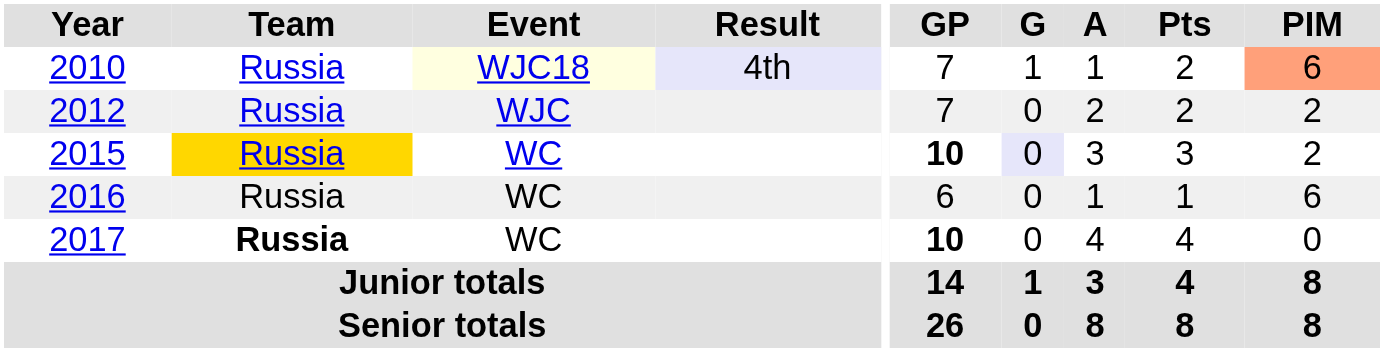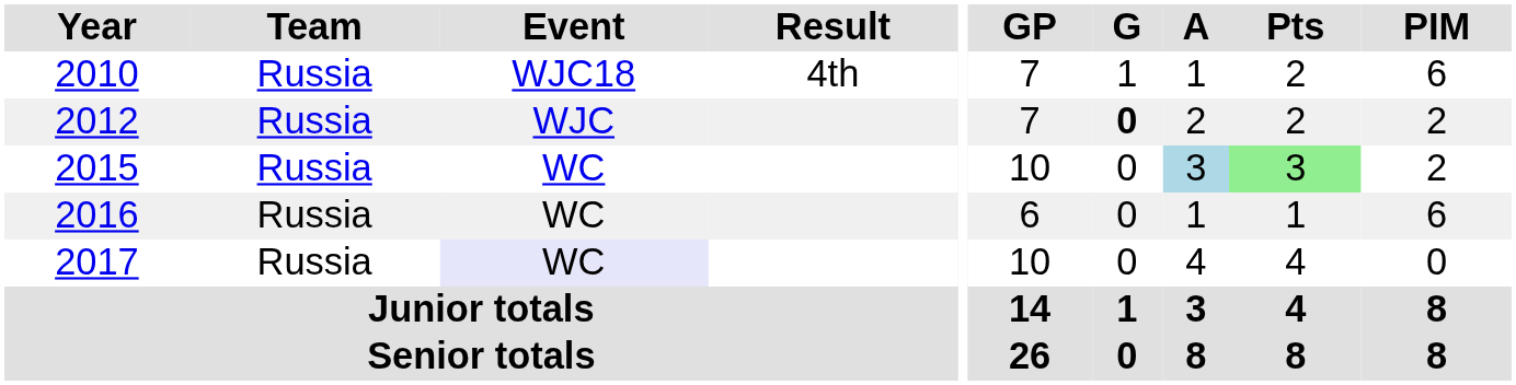 <table border="0" cellpadding="1" cellspacing="0" ID="Table3" style="text-align:center; width:40em">
 <tr ALIGN="center" bgcolor="#e0e0e0">
 <th>Year</th>
 <th>Team</th>
 <th>Event</th>
 <th>Result</th>
 <th rowspan="99" bgcolor="#ffffff"></th>
 <th>GP</th>
 <th>G</th>
 <th>A</th>
 <th>Pts</th>
 <th>PIM</th>
 </tr>
 <tr>
 <td><a href='#'>2010</a></td>
 <td><a href='#'>Russia</a></td>
-<td style="background: lightyellow;"><a href='#'>WJC18</a></td>
-<td style="background: lavender;">4th</td>
+<td><a href='#'>WJC18</a></td>
+<td>4th</td>
 <td>7</td>
 <td>1</td>
 <td>1</td>
 <td>2</td>
-<td style="background: lightsalmon;">6</td>
+<td>6</td>
 </tr>
 <tr bgcolor="#f0f0f0">
 <td><a href='#'>2012</a></td>
 <td><a href='#'>Russia</a></td>
 <td><a href='#'>WJC</a></td>
 <td></td>
 <td>7</td>
-<td>0</td>
+<td><strong>0</strong></td>
 <td>2</td>
 <td>2</td>
 <td>2</td>
 </tr>
 <tr>
 <td><a href='#'>2015</a></td>
-<td style="background: gold;"><a href='#'>Russia</a></td>
+<td><a href='#'>Russia</a></td>
 <td><a href='#'>WC</a></td>
 <td></td>
-<td><strong>10</strong></td>
-<td style="background: lavender;">0</td>
-<td>3</td>
-<td>3</td>
+<td>10</td>
+<td>0</td>
+<td style="background: lightblue;">3</td>
+<td style="background: lightgreen;">3</td>
 <td>2</td>
 </tr>
 <tr ALIGN="center" bgcolor="#f0f0f0">
 <td><a href='#'>2016</a></td>
 <td>Russia</td>
 <td>WC</td>
 <td></td>
 <td>6</td>
 <td>0</td>
 <td>1</td>
 <td>1</td>
 <td>6</td>
 </tr>
 <tr ALIGN="center">
 <td><a href='#'>2017</a></td>
-<td><strong>Russia</strong></td>
-<td>WC</td>
+<td>Russia</td>
+<td style="background: lavender;">WC</td>
 <td></td>
-<td><strong>10</strong></td>
+<td>10</td>
 <td>0</td>
 <td>4</td>
 <td>4</td>
 <td>0</td>
 </tr>
 <tr bgcolor="#e0e0e0">
 <th colspan="4">Junior totals</th>
 <th>14</th>
 <th>1</th>
 <th>3</th>
 <th>4</th>
 <th>8</th>
 </tr>
 <tr bgcolor="#e0e0e0">
 <th colspan="4">Senior totals</th>
 <th>26</th>
 <th>0</th>
 <th>8</th>
 <th>8</th>
 <th>8</th>
 </tr>
 </table>
